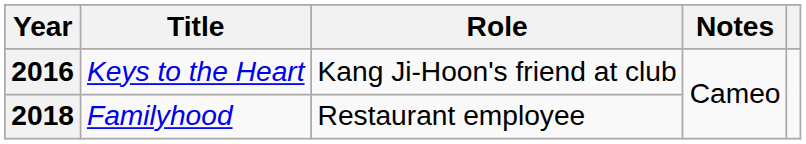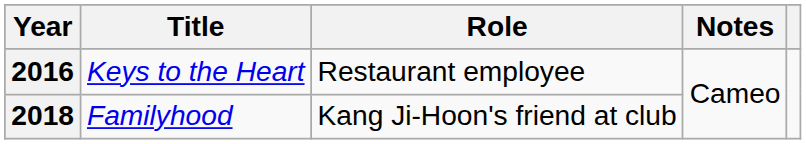 <table class="wikitable plainrowheaders sortable">
 <tr>
 <th scope="col">Year</th>
 <th scope="col">Title</th>
 <th scope="col">Role</th>
 <th scope="col">Notes</th>
 <th scope="col" class="unsortable"></th>
 </tr>
 <tr>
 <th scope="row">2016</th>
 <td><em><a href='#'>Keys to the Heart</a></em></td>
-<td>Kang Ji-Hoon's friend at club</td>
+<td>Restaurant employee</td>
 <td rowspan="2">Cameo</td>
 <td rowspan="2" style="text-align:center"></td>
 </tr>
 <tr>
 <th scope="row">2018</th>
 <td><em><a href='#'>Familyhood</a></em></td>
-<td>Restaurant employee</td>
+<td>Kang Ji-Hoon's friend at club</td>
 </tr>
 </table>
